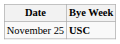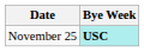 <table class="wikitable" style="font-size:95%;">
 <tr>
 <th>Date</th>
 <th colspan="2">Bye Week</th>
 </tr>
 <tr>
 <td>November 25</td>
-<td><strong>USC</strong></td>
+<td style="background: paleturquoise;"><strong>USC</strong></td>
 </tr>
 </table>
